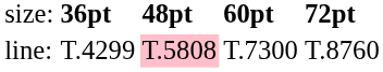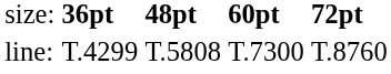 <table style="margin-left:40px;">
 <tr>
 <td>size:</td>
 <td><strong>36pt</strong></td>
 <td><strong>48pt</strong></td>
 <td><strong>60pt</strong></td>
 <td><strong>72pt</strong></td>
 </tr>
 <tr>
 <td>line:</td>
 <td>T.4299</td>
-<td style="background: pink;">T.5808</td>
+<td>T.5808</td>
 <td>T.7300</td>
 <td>T.8760</td>
 </tr>
 </table>
